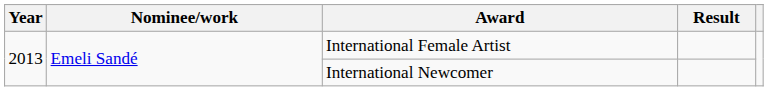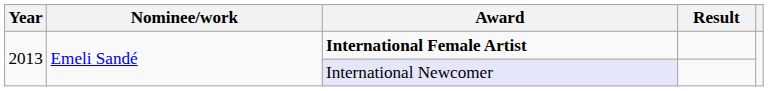 <table class="wikitable">
 <tr>
 <th>Year</th>
 <th width="250">Nominee/work</th>
 <th width="325">Award</th>
 <th width="65">Result</th>
 <th></th>
 </tr>
 <tr>
 <td rowspan="2">2013</td>
 <td rowspan="2"><a href='#'>Emeli Sandé</a></td>
-<td>International Female Artist</td>
+<td><strong>International Female Artist</strong></td>
 <td></td>
 <td rowspan="2" style="text-align:center;"></td>
 </tr>
 <tr>
-<td>International Newcomer</td>
+<td style="background: lavender;">International Newcomer</td>
 <td></td>
 </tr>
 </table>
